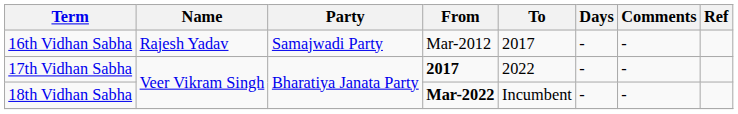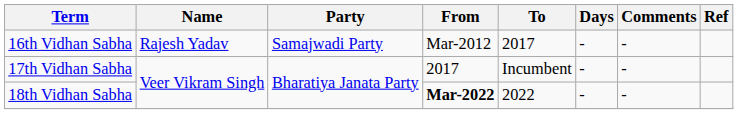 <table class="wikitable sortable">
 <tr>
 <th><a href='#'>Term</a></th>
 <th>Name</th>
 <th>Party</th>
 <th>From</th>
 <th>To</th>
 <th>Days</th>
 <th>Comments</th>
 <th>Ref</th>
 </tr>
 <tr>
 <td><a href='#'>16th Vidhan Sabha</a></td>
 <td><a href='#'>Rajesh Yadav</a></td>
 <td><a href='#'>Samajwadi Party</a></td>
 <td>Mar-2012</td>
 <td>2017</td>
 <td>-</td>
 <td>-</td>
 <td></td>
 </tr>
 <tr>
 <td><a href='#'>17th Vidhan Sabha</a></td>
 <td rowspan="2"><a href='#'>Veer Vikram Singh</a></td>
 <td rowspan="2"><a href='#'>Bharatiya Janata Party</a></td>
-<td><strong>2017</strong></td>
-<td>2022</td>
+<td>2017</td>
+<td>Incumbent</td>
 <td>-</td>
 <td>-</td>
 <td></td>
 </tr>
 <tr>
 <td><a href='#'>18th Vidhan Sabha</a></td>
 <td><strong>Mar-2022</strong></td>
-<td>Incumbent</td>
+<td>2022</td>
 <td>-</td>
 <td>-</td>
 <td></td>
 </tr>
 <tr>
 </tr>
 </table>
